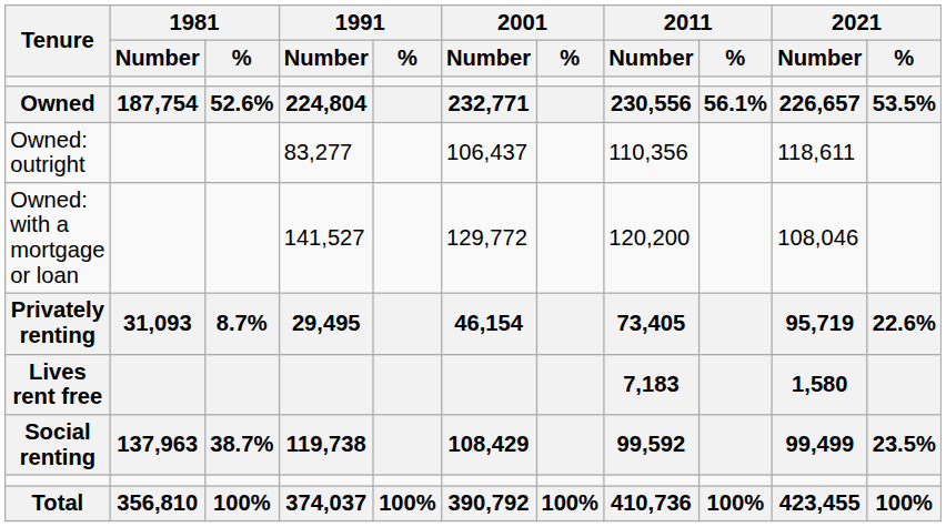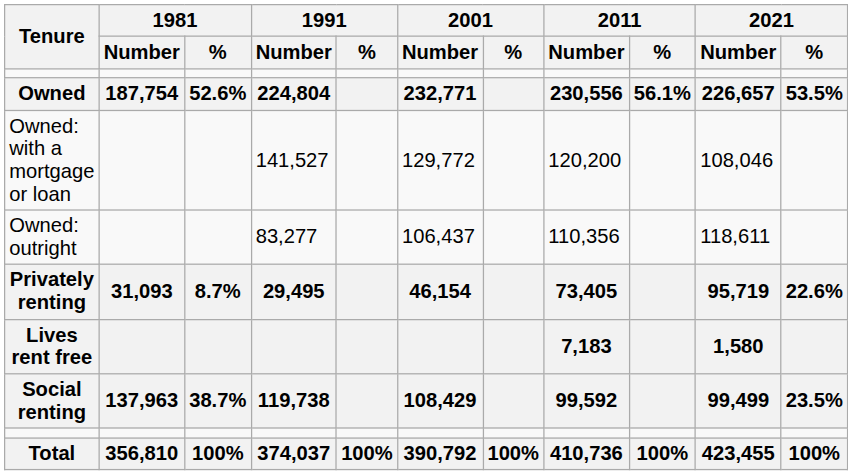 <table class="wikitable">
 <tr>
 <th rowspan="2">Tenure</th>
 <th colspan="2">1981</th>
 <th colspan="2">1991</th>
 <th colspan="2">2001</th>
 <th colspan="2">2011</th>
 <th colspan="2">2021</th>
 </tr>
 <tr>
 <th>Number</th>
 <th>%</th>
 <th>Number</th>
 <th>%</th>
 <th>Number</th>
 <th>%</th>
 <th>Number</th>
 <th>%</th>
 <th>Number</th>
 <th>%</th>
 </tr>
 <tr>
 <td></td>
 <td></td>
 <td></td>
 <td></td>
 <td></td>
 <td></td>
 <td></td>
 <td></td>
 <td></td>
 <td></td>
 <td></td>
 </tr>
 <tr>
 <th>Owned</th>
 <th>187,754</th>
 <th>52.6%</th>
 <th>224,804</th>
 <th></th>
 <th>232,771</th>
 <th></th>
 <th>230,556</th>
 <th>56.1%</th>
 <th>226,657</th>
 <th>53.5%</th>
 </tr>
 <tr>
+<td>Owned: with a mortgage or loan</td>
+<td></td>
+<td></td>
+<td>141,527</td>
+<td></td>
+<td>129,772</td>
+<td></td>
+<td>120,200</td>
+<td></td>
+<td>108,046</td>
+<td></td>
+</tr>
+<tr>
 <td>Owned: outright</td>
 <td></td>
 <td></td>
 <td>83,277</td>
 <td></td>
 <td>106,437</td>
 <td></td>
 <td>110,356</td>
 <td></td>
 <td>118,611</td>
-<td></td>
-</tr>
-<tr>
-<td>Owned: with a mortgage or loan</td>
-<td></td>
-<td></td>
-<td>141,527</td>
-<td></td>
-<td>129,772</td>
-<td></td>
-<td>120,200</td>
-<td></td>
-<td>108,046</td>
 <td></td>
 </tr>
 <tr>
 <th>Privately renting</th>
 <th>31,093</th>
 <th>8.7%</th>
 <th>29,495</th>
 <th></th>
 <th>46,154</th>
 <th></th>
 <th>73,405</th>
 <th></th>
 <th>95,719</th>
 <th>22.6%</th>
 </tr>
 <tr>
 <th>Lives rent free</th>
 <th></th>
 <th></th>
 <th></th>
 <th></th>
 <th></th>
 <th></th>
 <th>7,183</th>
 <th></th>
 <th>1,580</th>
 <th></th>
 </tr>
 <tr>
 <th>Social renting</th>
 <th>137,963</th>
 <th>38.7%</th>
 <th>119,738</th>
 <th></th>
 <th>108,429</th>
 <th></th>
 <th>99,592</th>
 <th></th>
 <th>99,499</th>
 <th>23.5%</th>
 </tr>
 <tr>
 <td></td>
 <td></td>
 <td></td>
 <td></td>
 <td></td>
 <td></td>
 <td></td>
 <td></td>
 <td></td>
 <td></td>
 <td></td>
 </tr>
 <tr>
 <th>Total</th>
 <th>356,810</th>
 <th>100%</th>
 <th>374,037</th>
 <th>100%</th>
 <th>390,792</th>
 <th>100%</th>
 <th>410,736</th>
 <th>100%</th>
 <th>423,455</th>
 <th>100%</th>
 </tr>
 </table>
